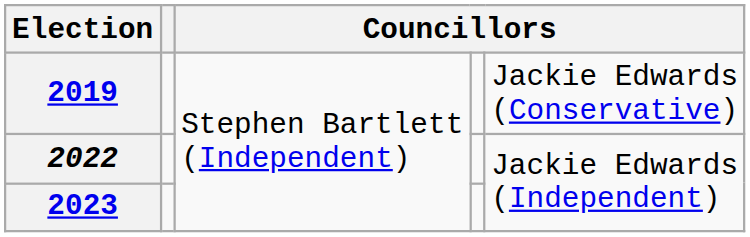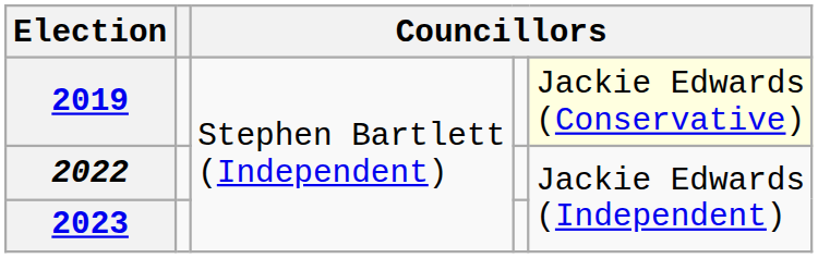 <table class="wikitable">
 <tr>
 <th>Election</th>
 <th></th>
 <th colspan="3">Councillors</th>
 </tr>
 <tr>
 <th><a href='#'>2019</a></th>
 <td rowspan="1;" style="background-color: "></td>
 <td rowspan="3">Stephen Bartlett<br>(<a href='#'>Independent</a>)</td>
 <td style="background-color: "></td>
-<td>Jackie Edwards<br>(<a href='#'>Conservative</a>)</td>
+<td style="background: lightyellow;">Jackie Edwards<br>(<a href='#'>Conservative</a>)</td>
 </tr>
 <tr>
 <th><em>2022</em></th>
 <td rowspan="1;" style="background-color: "></td>
 <td rowspan="1;" style="background-color: "></td>
 <td rowspan="2">Jackie Edwards<br>(<a href='#'>Independent</a>)</td>
 </tr>
 <tr>
 <th><a href='#'>2023</a></th>
 <td rowspan="1;" style="background-color: "></td>
 <td rowspan="1;" style="background-color: "></td>
 </tr>
 </table>
